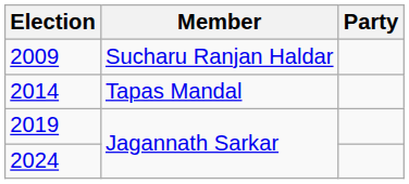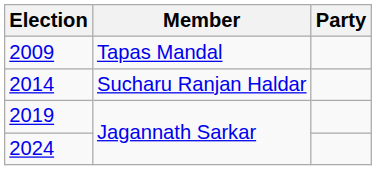 <table class="wikitable sortable">
 <tr>
 <th>Election</th>
 <th>Member</th>
 <th colspan=2>Party</th>
 </tr>
 <tr>
 <td><a href='#'>2009</a></td>
-<td><a href='#'>Sucharu Ranjan Haldar</a></td>
+<td><a href='#'>Tapas Mandal</a></td>
 <td></td>
 </tr>
 <tr>
 <td><a href='#'>2014</a></td>
-<td><a href='#'>Tapas Mandal</a></td>
+<td><a href='#'>Sucharu Ranjan Haldar</a></td>
 </tr>
 <tr>
 <td><a href='#'>2019</a></td>
 <td rowspan=2><a href='#'>Jagannath Sarkar</a></td>
 <td></td>
 </tr>
 <tr>
 <td><a href='#'>2024</a></td>
 </tr>
 </table>
